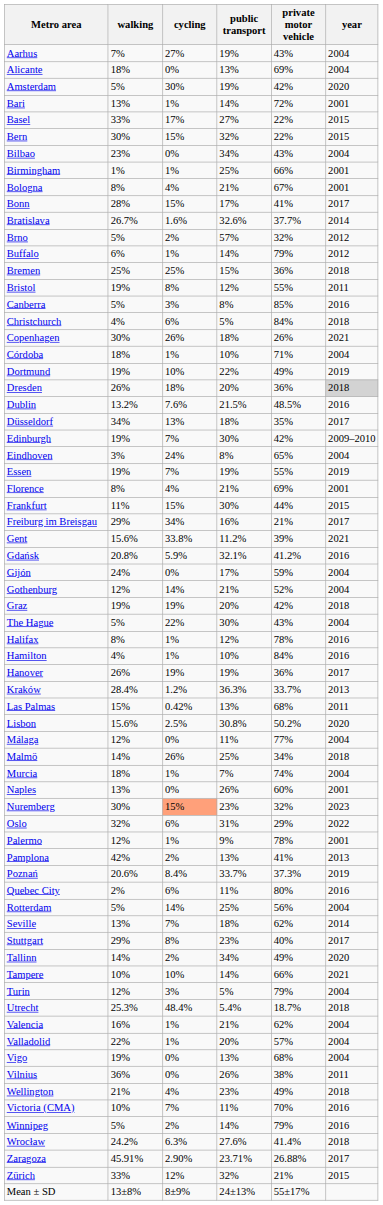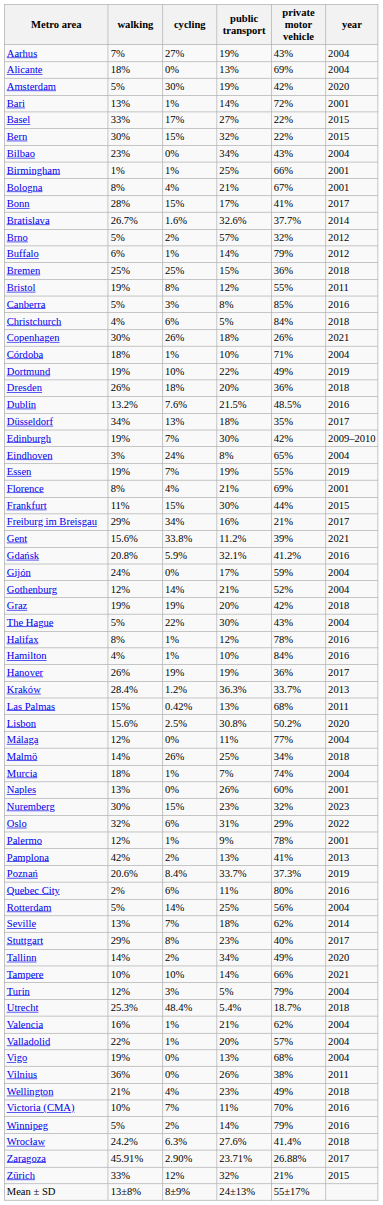 <table class="wikitable sortable" border="1">
 <tr>
 <th width="150px">Metro area</th>
 <th width="75px">walking</th>
 <th width="75px">cycling</th>
 <th width="75px">public transport</th>
 <th width="75px">private motor vehicle</th>
 <th>year</th>
 </tr>
 <tr>
 <td> <a href='#'>Aarhus</a></td>
 <td>7%</td>
 <td>27%</td>
 <td>19%</td>
 <td>43%</td>
 <td>2004</td>
 </tr>
 <tr>
 <td> <a href='#'>Alicante</a></td>
 <td>18%</td>
 <td>0%</td>
 <td>13%</td>
 <td>69%</td>
 <td>2004</td>
 </tr>
 <tr>
 <td> <a href='#'>Amsterdam</a></td>
 <td>5%</td>
 <td>30%</td>
 <td>19%</td>
 <td>42%</td>
 <td>2020</td>
 </tr>
 <tr>
 <td> <a href='#'>Bari</a></td>
 <td>13%</td>
 <td>1%</td>
 <td>14%</td>
 <td>72%</td>
 <td>2001</td>
 </tr>
 <tr>
 <td> <a href='#'>Basel</a></td>
 <td>33%</td>
 <td>17%</td>
 <td>27%</td>
 <td>22%</td>
 <td>2015</td>
 </tr>
 <tr>
 <td> <a href='#'>Bern</a></td>
 <td>30%</td>
 <td>15%</td>
 <td>32%</td>
 <td>22%</td>
 <td>2015</td>
 </tr>
 <tr>
 <td> <a href='#'>Bilbao</a></td>
 <td>23%</td>
 <td>0%</td>
 <td>34%</td>
 <td>43%</td>
 <td>2004</td>
 </tr>
 <tr>
 <td> <a href='#'>Birmingham</a></td>
 <td>1%</td>
 <td>1%</td>
 <td>25%</td>
 <td>66%</td>
 <td>2001</td>
 </tr>
 <tr>
 <td> <a href='#'>Bologna</a></td>
 <td>8%</td>
 <td>4%</td>
 <td>21%</td>
 <td>67%</td>
 <td>2001</td>
 </tr>
 <tr>
 <td> <a href='#'>Bonn</a></td>
 <td>28%</td>
 <td>15%</td>
 <td>17%</td>
 <td>41%</td>
 <td>2017</td>
 </tr>
 <tr>
 <td> <a href='#'>Bratislava</a></td>
 <td>26.7%</td>
 <td>1.6%</td>
 <td>32.6%</td>
 <td>37.7%</td>
 <td>2014</td>
 </tr>
 <tr>
 <td> <a href='#'>Brno</a></td>
 <td>5%</td>
 <td>2%</td>
 <td>57%</td>
 <td>32%</td>
 <td>2012</td>
 </tr>
 <tr>
 <td> <a href='#'>Buffalo</a></td>
 <td>6%</td>
 <td>1%</td>
 <td>14%</td>
 <td>79%</td>
 <td>2012</td>
 </tr>
 <tr>
 <td> <a href='#'>Bremen</a></td>
 <td>25%</td>
 <td>25%</td>
 <td>15%</td>
 <td>36%</td>
 <td>2018</td>
 </tr>
 <tr>
 <td> <a href='#'>Bristol</a></td>
 <td>19%</td>
 <td>8%</td>
 <td>12%</td>
 <td>55%</td>
 <td>2011</td>
 </tr>
 <tr>
 <td> <a href='#'>Canberra</a></td>
 <td>5%</td>
 <td>3%</td>
 <td>8%</td>
 <td>85%</td>
 <td>2016</td>
 </tr>
 <tr>
 <td> <a href='#'>Christchurch</a></td>
 <td>4%</td>
 <td>6%</td>
 <td>5%</td>
 <td>84%</td>
 <td>2018</td>
 </tr>
 <tr>
 <td> <a href='#'>Copenhagen</a></td>
 <td>30%</td>
 <td>26%</td>
 <td>18%</td>
 <td>26%</td>
 <td>2021</td>
 </tr>
 <tr>
 <td> <a href='#'>Córdoba</a></td>
 <td>18%</td>
 <td>1%</td>
 <td>10%</td>
 <td>71%</td>
 <td>2004</td>
 </tr>
 <tr>
 <td> <a href='#'>Dortmund</a></td>
 <td>19%</td>
 <td>10%</td>
 <td>22%</td>
 <td>49%</td>
 <td>2019</td>
 </tr>
 <tr>
 <td> <a href='#'>Dresden</a></td>
 <td>26%</td>
 <td>18%</td>
 <td>20%</td>
 <td>36%</td>
-<td style="background: lightgrey;">2018</td>
+<td>2018</td>
 </tr>
 <tr>
 <td> <a href='#'>Dublin</a></td>
 <td>13.2%</td>
 <td>7.6%</td>
 <td>21.5%</td>
 <td>48.5%</td>
 <td>2016</td>
 </tr>
 <tr>
 <td> <a href='#'>Düsseldorf</a></td>
 <td>34%</td>
 <td>13%</td>
 <td>18%</td>
 <td>35%</td>
 <td>2017</td>
 </tr>
 <tr>
 <td> <a href='#'>Edinburgh</a></td>
 <td>19%</td>
 <td>7%</td>
 <td>30%</td>
 <td>42%</td>
 <td>2009–2010</td>
 </tr>
 <tr>
 <td> <a href='#'>Eindhoven</a></td>
 <td>3%</td>
 <td>24%</td>
 <td>8%</td>
 <td>65%</td>
 <td>2004</td>
 </tr>
 <tr>
 <td> <a href='#'>Essen</a></td>
 <td>19%</td>
 <td>7%</td>
 <td>19%</td>
 <td>55%</td>
 <td>2019</td>
 </tr>
 <tr>
 <td> <a href='#'>Florence</a></td>
 <td>8%</td>
 <td>4%</td>
 <td>21%</td>
 <td>69%</td>
 <td>2001</td>
 </tr>
 <tr>
 <td> <a href='#'>Frankfurt</a></td>
 <td>11%</td>
 <td>15%</td>
 <td>30%</td>
 <td>44%</td>
 <td>2015</td>
 </tr>
 <tr>
 <td> <a href='#'>Freiburg im Breisgau</a></td>
 <td>29%</td>
 <td>34%</td>
 <td>16%</td>
 <td>21%</td>
 <td>2017</td>
 </tr>
 <tr>
 <td> <a href='#'>Gent</a></td>
 <td>15.6%</td>
 <td>33.8%</td>
 <td>11.2%</td>
 <td>39%</td>
 <td>2021</td>
 </tr>
 <tr>
 <td> <a href='#'>Gdańsk</a></td>
 <td>20.8%</td>
 <td>5.9%</td>
 <td>32.1%</td>
 <td>41.2%</td>
 <td>2016</td>
 </tr>
 <tr>
 <td> <a href='#'>Gijón</a></td>
 <td>24%</td>
 <td>0%</td>
 <td>17%</td>
 <td>59%</td>
 <td>2004</td>
 </tr>
 <tr>
 <td> <a href='#'>Gothenburg</a></td>
 <td>12%</td>
 <td>14%</td>
 <td>21%</td>
 <td>52%</td>
 <td>2004</td>
 </tr>
 <tr>
 <td> <a href='#'>Graz</a></td>
 <td>19%</td>
 <td>19%</td>
 <td>20%</td>
 <td>42%</td>
 <td>2018</td>
 </tr>
 <tr>
 <td> <a href='#'>The Hague</a></td>
 <td>5%</td>
 <td>22%</td>
 <td>30%</td>
 <td>43%</td>
 <td>2004</td>
 </tr>
 <tr>
 <td> <a href='#'>Halifax</a></td>
 <td>8%</td>
 <td>1%</td>
 <td>12%</td>
 <td>78%</td>
 <td>2016</td>
 </tr>
 <tr>
 <td> <a href='#'>Hamilton</a></td>
 <td>4%</td>
 <td>1%</td>
 <td>10%</td>
 <td>84%</td>
 <td>2016</td>
 </tr>
 <tr>
 <td> <a href='#'>Hanover</a></td>
 <td>26%</td>
 <td>19%</td>
 <td>19%</td>
 <td>36%</td>
 <td>2017</td>
 </tr>
 <tr>
 <td> <a href='#'>Kraków</a></td>
 <td>28.4%</td>
 <td>1.2%</td>
 <td>36.3%</td>
 <td>33.7%</td>
 <td>2013</td>
 </tr>
 <tr>
 <td> <a href='#'>Las Palmas</a></td>
 <td>15%</td>
 <td>0.42%</td>
 <td>13%</td>
 <td>68%</td>
 <td>2011</td>
 </tr>
 <tr>
 <td> <a href='#'>Lisbon</a></td>
 <td>15.6%</td>
 <td>2.5%</td>
 <td>30.8%</td>
 <td>50.2%</td>
 <td>2020</td>
 </tr>
 <tr>
 <td> <a href='#'>Málaga</a></td>
 <td>12%</td>
 <td>0%</td>
 <td>11%</td>
 <td>77%</td>
 <td>2004</td>
 </tr>
 <tr>
 <td> <a href='#'>Malmö</a></td>
 <td>14%</td>
 <td>26%</td>
 <td>25%</td>
 <td>34%</td>
 <td>2018</td>
 </tr>
 <tr>
 <td> <a href='#'>Murcia</a></td>
 <td>18%</td>
 <td>1%</td>
 <td>7%</td>
 <td>74%</td>
 <td>2004</td>
 </tr>
 <tr>
 <td> <a href='#'>Naples</a></td>
 <td>13%</td>
 <td>0%</td>
 <td>26%</td>
 <td>60%</td>
 <td>2001</td>
 </tr>
 <tr>
 <td> <a href='#'>Nuremberg</a></td>
 <td>30%</td>
-<td style="background: lightsalmon;">15%</td>
+<td>15%</td>
 <td>23%</td>
 <td>32%</td>
 <td>2023</td>
 </tr>
 <tr>
 <td> <a href='#'>Oslo</a></td>
 <td>32%</td>
 <td>6%</td>
 <td>31%</td>
 <td>29%</td>
 <td>2022</td>
 </tr>
 <tr>
 <td> <a href='#'>Palermo</a></td>
 <td>12%</td>
 <td>1%</td>
 <td>9%</td>
 <td>78%</td>
 <td>2001</td>
 </tr>
 <tr>
 <td> <a href='#'>Pamplona</a></td>
 <td>42%</td>
 <td>2%</td>
 <td>13%</td>
 <td>41%</td>
 <td>2013</td>
 </tr>
 <tr>
 <td> <a href='#'>Poznań</a></td>
 <td>20.6%</td>
 <td>8.4%</td>
 <td>33.7%</td>
 <td>37.3%</td>
 <td>2019</td>
 </tr>
 <tr>
 <td> <a href='#'>Quebec City</a></td>
 <td>2%</td>
 <td>6%</td>
 <td>11%</td>
 <td>80%</td>
 <td>2016</td>
 </tr>
 <tr>
 <td> <a href='#'>Rotterdam</a></td>
 <td>5%</td>
 <td>14%</td>
 <td>25%</td>
 <td>56%</td>
 <td>2004</td>
 </tr>
 <tr>
 <td> <a href='#'>Seville</a></td>
 <td>13%</td>
 <td>7%</td>
 <td>18%</td>
 <td>62%</td>
 <td>2014</td>
 </tr>
 <tr>
 <td> <a href='#'>Stuttgart</a></td>
 <td>29%</td>
 <td>8%</td>
 <td>23%</td>
 <td>40%</td>
 <td>2017</td>
 </tr>
 <tr>
 <td> <a href='#'>Tallinn</a></td>
 <td>14%</td>
 <td>2%</td>
 <td>34%</td>
 <td>49%</td>
 <td>2020</td>
 </tr>
 <tr>
 <td> <a href='#'>Tampere</a></td>
 <td>10%</td>
 <td>10%</td>
 <td>14%</td>
 <td>66%</td>
 <td>2021</td>
 </tr>
 <tr>
 <td> <a href='#'>Turin</a></td>
 <td>12%</td>
 <td>3%</td>
 <td>5%</td>
 <td>79%</td>
 <td>2004</td>
 </tr>
 <tr>
 <td> <a href='#'>Utrecht</a></td>
 <td>25.3%</td>
 <td>48.4%</td>
 <td>5.4%</td>
 <td>18.7%</td>
 <td>2018</td>
 </tr>
 <tr>
 <td> <a href='#'>Valencia</a></td>
 <td>16%</td>
 <td>1%</td>
 <td>21%</td>
 <td>62%</td>
 <td>2004</td>
 </tr>
 <tr>
 <td> <a href='#'>Valladolid</a></td>
 <td>22%</td>
 <td>1%</td>
 <td>20%</td>
 <td>57%</td>
 <td>2004</td>
 </tr>
 <tr>
 <td> <a href='#'>Vigo</a></td>
 <td>19%</td>
 <td>0%</td>
 <td>13%</td>
 <td>68%</td>
 <td>2004</td>
 </tr>
 <tr>
 <td> <a href='#'>Vilnius</a></td>
 <td>36%</td>
 <td>0%</td>
 <td>26%</td>
 <td>38%</td>
 <td>2011</td>
 </tr>
 <tr>
 <td> <a href='#'>Wellington</a></td>
 <td>21%</td>
 <td>4%</td>
 <td>23%</td>
 <td>49%</td>
 <td>2018</td>
 </tr>
 <tr>
 <td> <a href='#'>Victoria (CMA)</a></td>
 <td>10%</td>
 <td>7%</td>
 <td>11%</td>
 <td>70%</td>
 <td>2016</td>
 </tr>
 <tr>
 <td> <a href='#'>Winnipeg</a></td>
 <td>5%</td>
 <td>2%</td>
 <td>14%</td>
 <td>79%</td>
 <td>2016</td>
 </tr>
 <tr>
 <td> <a href='#'>Wrocław</a></td>
 <td>24.2%</td>
 <td>6.3%</td>
 <td>27.6%</td>
 <td>41.4%</td>
 <td>2018</td>
 </tr>
 <tr>
 <td> <a href='#'>Zaragoza</a></td>
 <td>45.91%</td>
 <td>2.90%</td>
 <td>23.71%</td>
 <td>26.88%</td>
 <td>2017</td>
 </tr>
 <tr>
 <td> <a href='#'>Zürich</a></td>
 <td>33%</td>
 <td>12%</td>
 <td>32%</td>
 <td>21%</td>
 <td>2015</td>
 </tr>
 <tr>
 <td>Mean ± SD</td>
 <td>13±8%</td>
 <td>8±9%</td>
 <td>24±13%</td>
 <td>55±17%</td>
 <td></td>
 </tr>
 </table>
